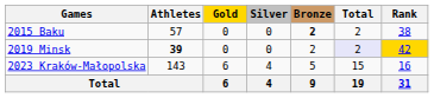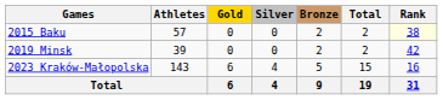 <table class="wikitable" style="text-align:center; font-size:90%;">
 <tr>
 <th>Games</th>
 <th>Athletes</th>
 <td style="background:gold; width:3.7em; font-weight:bold;">Gold</td>
 <td style="background:silver; width:3.7em; font-weight:bold;">Silver</td>
 <td style="background:#cc9966; width:3.7em; font-weight:bold;">Bronze</td>
 <th style="width:4em; font-weight:bold;">Total</th>
 <th style="width:4em; font-weight:bold;">Rank</th>
 </tr>
 <tr>
 <td align=left> <a href='#'>2015 Baku</a></td>
 <td>57</td>
 <td>0</td>
 <td>0</td>
-<td><strong>2</strong></td>
 <td>2</td>
-<td><a href='#'>38</a></td>
+<td>2</td>
+<td style="background: lightyellow;"><a href='#'>38</a></td>
 </tr>
 <tr>
 <td align=left> <a href='#'>2019 Minsk</a></td>
-<td><strong>39</strong></td>
+<td>39</td>
 <td>0</td>
 <td>0</td>
 <td>2</td>
-<td style="background: lavender;">2</td>
-<td style="background: gold;"><a href='#'>42</a></td>
+<td>2</td>
+<td><a href='#'>42</a></td>
 </tr>
 <tr>
 <td align=left> <a href='#'>2023 Kraków-Małopolska</a></td>
 <td>143</td>
 <td>6</td>
 <td>4</td>
 <td>5</td>
 <td>15</td>
 <td><a href='#'>16</a></td>
 </tr>
 <tr>
 <th colspan=2>Total</th>
 <th>6</th>
 <th>4</th>
 <th>9</th>
 <th>19</th>
 <th><a href='#'>31</a></th>
 </tr>
 </table>
